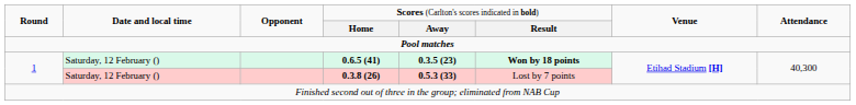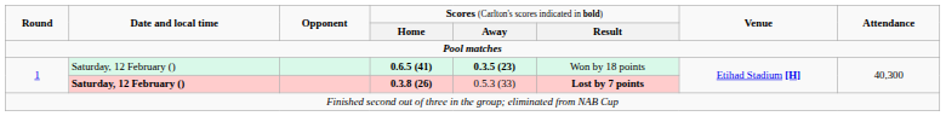 <table class="wikitable" style="font-size:90%; text-align:center; width: 100%; margin-left: auto; margin-right: auto;">
 <tr>
 <td rowspan=2><strong>Round</strong></td>
 <td rowspan=2><strong>Date and local time</strong></td>
 <td rowspan=2><strong>Opponent</strong></td>
 <td colspan=3><strong>Scores</strong> <small>(Carlton's scores indicated in <strong>bold</strong>)</small></td>
 <td rowspan=2><strong>Venue</strong></td>
 <td rowspan=2><strong>Attendance</strong></td>
 </tr>
 <tr>
 <th>Home</th>
 <th>Away</th>
 <th>Result</th>
 </tr>
 <tr>
 <td colspan=8><strong><em>Pool matches</em></strong></td>
 </tr>
 <tr>
 <td rowspan=2><a href='#'>1</a></td>
 <td style="text-align:left; background:#d9f9e9;">Saturday, 12 February ()</td>
 <td style="text-align:left; background:#d9f9e9;"></td>
 <td style="background:#d9f9e9;"><strong>0.6.5 (41)</strong></td>
 <td style="background:#d9f9e9;"><strong>0.3.5 (23)</strong></td>
-<td style="background:#d9f9e9;"><strong>Won by 18 points </strong></td>
+<td style="background:#d9f9e9;">Won by 18 points </td>
 <td rowspan=2><a href='#'>Etihad Stadium</a> <span></span><a href='#'><strong>[H]</strong></a></td>
 <td rowspan=2>40,300</td>
 </tr>
 <tr style="background:#fcc;">
-<td align=left>Saturday, 12 February ()</td>
+<td align=left><strong>Saturday, 12 February ()</strong></td>
 <td align=left></td>
 <td><strong>0.3.8 (26)</strong></td>
-<td><strong>0.5.3 (33)</strong></td>
-<td>Lost by 7 points </td>
+<td>0.5.3 (33)</td>
+<td><strong>Lost by 7 points </strong></td>
 </tr>
 <tr>
 <td colspan=8><em>Finished second out of three in the group; eliminated from NAB Cup</em></td>
 </tr>
 </table>
